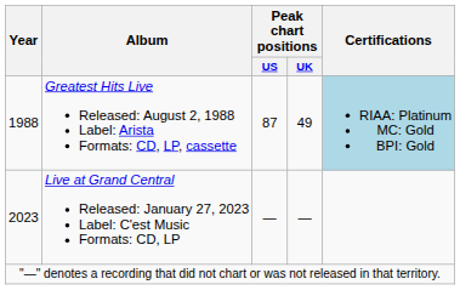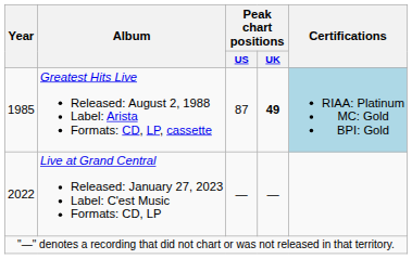 <table class="wikitable" style="text-align:center;">
 <tr>
 <th rowspan="2">Year</th>
 <th rowspan="2">Album</th>
 <th colspan="2">Peak chart positions</th>
 <th rowspan="2">Certifications</th>
 </tr>
 <tr style="font-size:smaller;">
 <th width="35"><a href='#'>US</a><br></th>
 <th width="35"><a href='#'>UK</a><br></th>
 </tr>
 <tr>
-<td>1988</td>
+<td>1985</td>
 <td align="left"><em><a href='#'>Greatest Hits Live</a></em><br><ul><li>Released: August 2, 1988</li><li>Label: <a href='#'>Arista</a></li><li>Formats: <a href='#'>CD</a>, <a href='#'>LP</a>, <a href='#'>cassette</a></li></ul></td>
 <td>87</td>
-<td>49</td>
+<td><strong>49</strong></td>
 <td style="background: lightblue;"><br><ul><li>RIAA: Platinum</li><li>MC: Gold</li><li>BPI: Gold</li></ul></td>
 </tr>
 <tr>
-<td>2023</td>
+<td>2022</td>
 <td align="left"><em><a href='#'>Live at Grand Central</a></em><br><ul><li>Released: January 27, 2023</li><li>Label: C'est Music</li><li>Formats: CD, LP</li></ul></td>
 <td>—<br></td>
 <td>—</td>
 <td></td>
 </tr>
 <tr>
 <td colspan="15" style="font-size:90%">"—" denotes a recording that did not chart or was not released in that territory.</td>
 </tr>
 </table>
